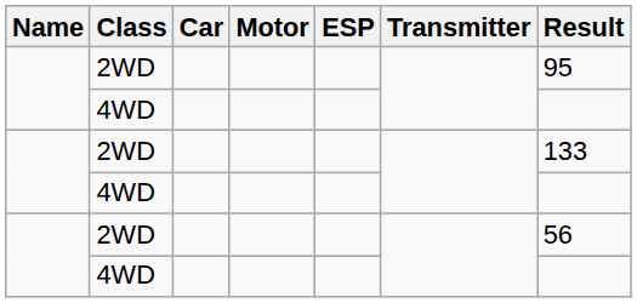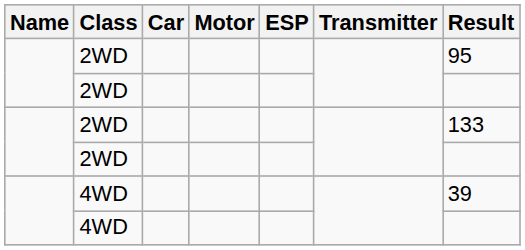 <table class="wikitable" style="font-size: 85%;">
 <tr>
 <th>Name</th>
 <th>Class</th>
 <th>Car</th>
 <th>Motor</th>
 <th>ESP</th>
 <th>Transmitter</th>
 <th>Result</th>
 </tr>
 <tr>
 <td rowspan=2> </td>
 <td>2WD</td>
 <td></td>
 <td></td>
 <td></td>
 <td rowspan=2></td>
 <td>95</td>
 </tr>
 <tr>
-<td>4WD</td>
+<td>2WD</td>
 <td></td>
 <td></td>
 <td></td>
 <td></td>
 </tr>
 <tr>
 <td rowspan=2> </td>
 <td>2WD</td>
 <td></td>
 <td></td>
 <td></td>
 <td rowspan=2></td>
 <td>133</td>
 </tr>
 <tr>
-<td>4WD</td>
+<td>2WD</td>
 <td></td>
 <td></td>
 <td></td>
 <td></td>
 </tr>
 <tr>
 <td rowspan=2> </td>
-<td>2WD</td>
+<td>4WD</td>
 <td></td>
 <td></td>
 <td></td>
 <td rowspan=2></td>
-<td>56</td>
+<td>39</td>
 </tr>
 <tr>
 <td>4WD</td>
 <td></td>
 <td></td>
 <td></td>
 <td></td>
 </tr>
 </table>
